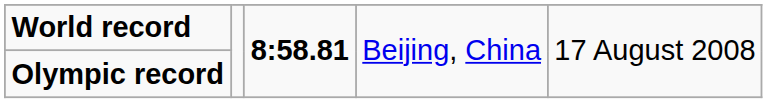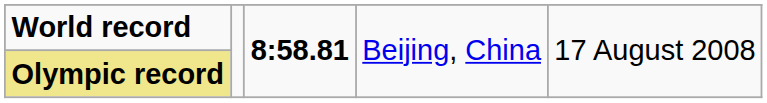 <table class="wikitable">
 <tr>
 <td><strong>World record</strong></td>
 <td rowspan=2></td>
 <td rowspan=2><strong>8:58.81</strong></td>
 <td rowspan=2><a href='#'>Beijing</a>, <a href='#'>China</a></td>
 <td rowspan=2>17 August 2008</td>
 </tr>
 <tr>
-<td><strong>Olympic record</strong></td>
+<td style="background: khaki;"><strong>Olympic record</strong></td>
 </tr>
 </table>
